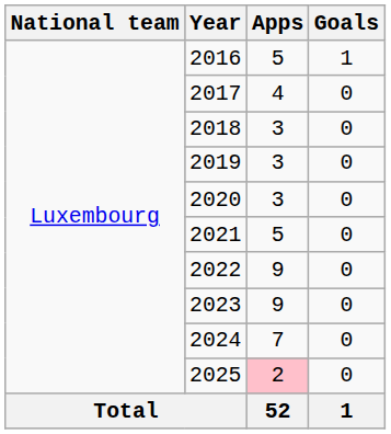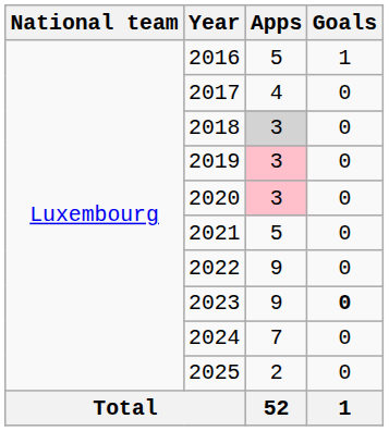 <table class="wikitable" style="text-align:center">
 <tr>
 <th>National team</th>
 <th>Year</th>
 <th>Apps</th>
 <th>Goals</th>
 </tr>
 <tr>
 <td rowspan="10"><a href='#'>Luxembourg</a></td>
 <td>2016</td>
 <td>5</td>
 <td>1</td>
 </tr>
 <tr>
 <td>2017</td>
 <td>4</td>
 <td>0</td>
 </tr>
 <tr>
 <td>2018</td>
-<td>3</td>
+<td style="background: lightgrey;">3</td>
 <td>0</td>
 </tr>
 <tr>
 <td>2019</td>
-<td>3</td>
+<td style="background: pink;">3</td>
 <td>0</td>
 </tr>
 <tr>
 <td>2020</td>
-<td>3</td>
+<td style="background: pink;">3</td>
 <td>0</td>
 </tr>
 <tr>
 <td>2021</td>
 <td>5</td>
 <td>0</td>
 </tr>
 <tr>
 <td>2022</td>
 <td>9</td>
 <td>0</td>
 </tr>
 <tr>
 <td>2023</td>
 <td>9</td>
-<td>0</td>
+<td><strong>0</strong></td>
 </tr>
 <tr>
 <td>2024</td>
 <td>7</td>
 <td>0</td>
 </tr>
 <tr>
 <td>2025</td>
-<td style="background: pink;">2</td>
+<td>2</td>
 <td>0</td>
 </tr>
 <tr>
 <th colspan="2">Total</th>
 <th>52</th>
 <th>1</th>
 </tr>
 </table>
